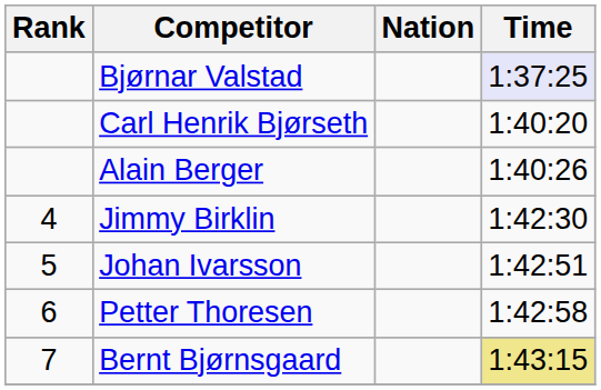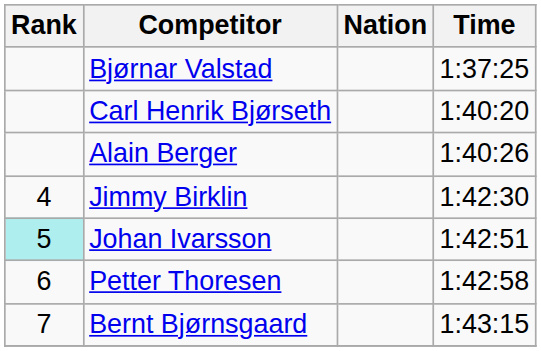 <table class="wikitable sortable" style="text-align:left">
 <tr>
 <th data-sort-type="number">Rank</th>
 <th class="unsortable">Competitor</th>
 <th>Nation</th>
 <th>Time</th>
 </tr>
 <tr>
 <td style="text-align:center"></td>
 <td><a href='#'>Bjørnar Valstad</a></td>
 <td></td>
-<td style="background: lavender; text-align:right">1:37:25</td>
+<td style="text-align:right">1:37:25</td>
 </tr>
 <tr>
 <td style="text-align:center"></td>
 <td><a href='#'>Carl Henrik Bjørseth</a></td>
 <td></td>
 <td style="text-align:right">1:40:20</td>
 </tr>
 <tr>
 <td style="text-align:center"></td>
 <td><a href='#'>Alain Berger</a></td>
 <td></td>
 <td style="text-align:right">1:40:26</td>
 </tr>
 <tr>
 <td style="text-align:center">4</td>
 <td><a href='#'>Jimmy Birklin</a></td>
 <td></td>
 <td style="text-align:right">1:42:30</td>
 </tr>
 <tr>
-<td style="text-align:center">5</td>
+<td style="background: paleturquoise; text-align:center">5</td>
 <td><a href='#'>Johan Ivarsson</a></td>
 <td></td>
 <td style="text-align:right">1:42:51</td>
 </tr>
 <tr>
 <td style="text-align:center">6</td>
 <td><a href='#'>Petter Thoresen</a></td>
 <td></td>
 <td style="text-align:right">1:42:58</td>
 </tr>
 <tr>
 <td style="text-align:center">7</td>
 <td><a href='#'>Bernt Bjørnsgaard</a></td>
 <td></td>
-<td style="background: khaki; text-align:right">1:43:15</td>
+<td style="text-align:right">1:43:15</td>
 </tr>
 <tr>
 </tr>
 </table>
